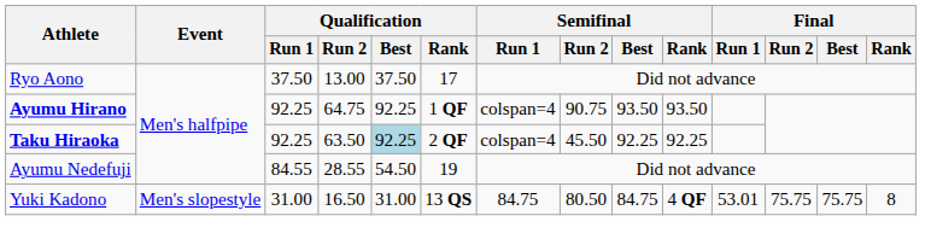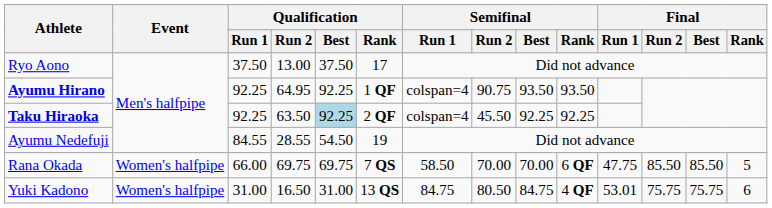 <table class="wikitable" style="font-size:90%">
 <tr>
 <th rowspan="2">Athlete</th>
 <th rowspan="2">Event</th>
 <th colspan="4">Qualification</th>
 <th colspan="4">Semifinal</th>
 <th colspan="4">Final</th>
 </tr>
 <tr style="font-size:95%">
 <th>Run 1</th>
 <th>Run 2</th>
 <th>Best</th>
 <th>Rank</th>
 <th>Run 1</th>
 <th>Run 2</th>
 <th>Best</th>
 <th>Rank</th>
 <th>Run 1</th>
 <th>Run 2</th>
 <th>Best</th>
 <th>Rank</th>
 </tr>
 <tr align=center>
 <td align=left><a href='#'>Ryo Aono</a></td>
 <td align=left rowspan=4><a href='#'>Men's halfpipe</a></td>
 <td>37.50</td>
 <td>13.00</td>
 <td>37.50</td>
 <td>17</td>
 <td colspan=8>Did not advance</td>
 </tr>
 <tr align=center>
 <td align=left><strong><a href='#'>Ayumu Hirano</a></strong></td>
 <td>92.25</td>
-<td>64.75</td>
+<td>64.95</td>
 <td>92.25</td>
 <td>1 <strong>QF</strong></td>
 <td>colspan=4 </td>
 <td>90.75</td>
 <td>93.50</td>
 <td>93.50</td>
 <td></td>
 </tr>
 <tr align=center>
 <td align=left><strong><a href='#'>Taku Hiraoka</a></strong></td>
 <td>92.25</td>
 <td>63.50</td>
 <td style="background: lightblue;">92.25</td>
 <td>2 <strong>QF</strong></td>
 <td>colspan=4 </td>
 <td>45.50</td>
 <td>92.25</td>
 <td>92.25</td>
 <td></td>
 </tr>
 <tr align=center>
 <td align=left><a href='#'>Ayumu Nedefuji</a></td>
 <td>84.55</td>
 <td>28.55</td>
 <td>54.50</td>
 <td>19</td>
 <td colspan=8>Did not advance</td>
 </tr>
 <tr align=center>
+<td align=left><a href='#'>Rana Okada</a></td>
+<td align=left><a href='#'>Women's halfpipe</a></td>
+<td>66.00</td>
+<td>69.75</td>
+<td>69.75</td>
+<td>7 <strong>QS</strong></td>
+<td>58.50</td>
+<td>70.00</td>
+<td>70.00</td>
+<td>6 <strong>QF</strong></td>
+<td>47.75</td>
+<td>85.50</td>
+<td>85.50</td>
+<td>5</td>
+</tr>
+<tr align=center>
 <td align=left><a href='#'>Yuki Kadono</a></td>
-<td align=left><a href='#'>Men's slopestyle</a></td>
+<td align=left><a href='#'>Women's halfpipe</a></td>
 <td>31.00</td>
 <td>16.50</td>
 <td>31.00</td>
 <td>13 <strong>QS</strong></td>
 <td>84.75</td>
 <td>80.50</td>
 <td>84.75</td>
 <td>4 <strong>QF</strong></td>
 <td>53.01</td>
 <td>75.75</td>
 <td>75.75</td>
-<td>8</td>
+<td>6</td>
 </tr>
 </table>
